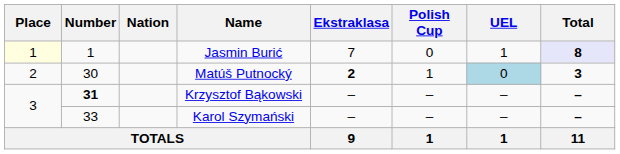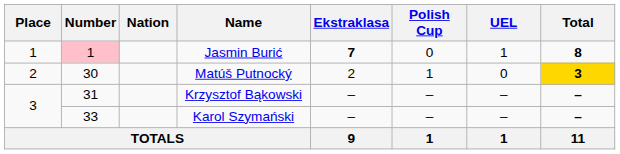 <table class="wikitable" style="font-size: 100%; text-align: center;">
 <tr>
 <th width=60>Place</th>
 <th width=60>Number</th>
 <th width=60>Nation</th>
 <th width=150>Name</th>
 <th width=80><a href='#'>Ekstraklasa</a></th>
 <th width=80><a href='#'>Polish Cup</a></th>
 <th width=80><a href='#'>UEL</a></th>
 <th width=80>Total</th>
 </tr>
 <tr>
-<td rowspan="1" style="background: lightyellow;">1</td>
-<td>1</td>
+<td rowspan="1">1</td>
+<td style="background: pink;">1</td>
 <td></td>
 <td><a href='#'>Jasmin Burić</a></td>
-<td>7</td>
+<td><strong>7</strong></td>
 <td>0</td>
 <td>1</td>
-<td rowspan="1" style="background: lavender;"><strong>8</strong></td>
+<td rowspan="1"><strong>8</strong></td>
 </tr>
 <tr>
 <td rowspan="1">2</td>
 <td>30</td>
 <td></td>
 <td><a href='#'>Matúš Putnocký</a></td>
-<td><strong>2</strong></td>
+<td>2</td>
 <td>1</td>
-<td style="background: lightblue;">0</td>
-<td rowspan="1"><strong>3</strong></td>
+<td>0</td>
+<td rowspan="1" style="background: gold;"><strong>3</strong></td>
 </tr>
 <tr>
 <td rowspan="2">3</td>
-<td><strong>31</strong></td>
+<td>31</td>
 <td></td>
 <td><a href='#'>Krzysztof Bąkowski</a></td>
 <td>–</td>
 <td>–</td>
 <td>–</td>
 <td><strong>–</strong></td>
 </tr>
 <tr>
 <td>33</td>
 <td></td>
 <td><a href='#'>Karol Szymański</a></td>
 <td>–</td>
 <td>–</td>
 <td>–</td>
 <td><strong>–</strong></td>
 </tr>
 <tr>
 <th colspan="4">TOTALS</th>
 <th>9</th>
 <th>1</th>
 <th>1</th>
 <th>11</th>
 </tr>
 </table>
